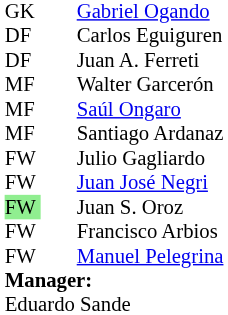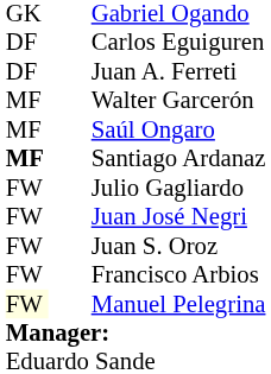 <table style="font-size: 90%" cellspacing="0" cellpadding="0" align=center>
 <tr>
 <th width=25></th>
 <th width=25></th>
 </tr>
 <tr>
 <td>GK</td>
 <td></td>
 <td> <a href='#'>Gabriel Ogando</a></td>
 </tr>
 <tr>
 <td>DF</td>
 <td></td>
 <td> Carlos Eguiguren</td>
 </tr>
 <tr>
 <td>DF</td>
 <td></td>
 <td> Juan A. Ferreti</td>
 </tr>
 <tr>
 <td>MF</td>
 <td></td>
 <td> Walter Garcerón</td>
 </tr>
 <tr>
 <td>MF</td>
 <td></td>
 <td> <a href='#'>Saúl Ongaro</a></td>
 </tr>
 <tr>
-<td>MF</td>
+<td><strong>MF</strong></td>
 <td></td>
 <td> Santiago Ardanaz</td>
 </tr>
 <tr>
 <td>FW</td>
 <td></td>
 <td> Julio Gagliardo</td>
 </tr>
 <tr>
 <td>FW</td>
 <td></td>
 <td> <a href='#'>Juan José Negri</a></td>
 </tr>
 <tr>
-<td style="background: lightgreen;">FW</td>
+<td>FW</td>
 <td></td>
 <td> Juan S. Oroz</td>
 </tr>
 <tr>
 <td>FW</td>
 <td></td>
 <td> Francisco Arbios</td>
 </tr>
 <tr>
-<td>FW</td>
+<td style="background: lightyellow;">FW</td>
 <td></td>
 <td> <a href='#'>Manuel Pelegrina</a></td>
 </tr>
 <tr>
 <td colspan=3><strong>Manager:</strong></td>
 </tr>
 <tr>
 <td colspan=4> Eduardo Sande</td>
 </tr>
 </table>
